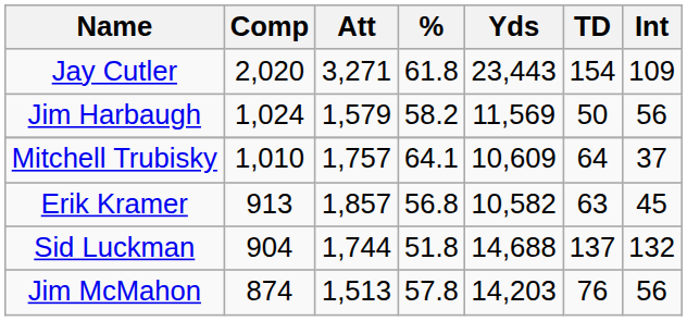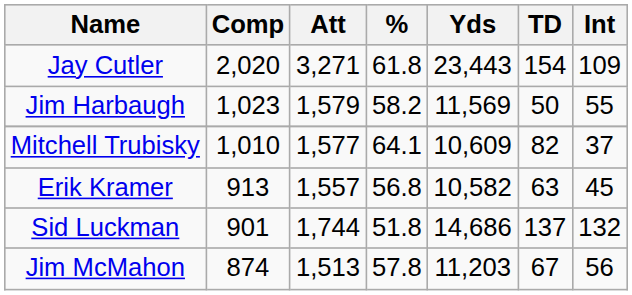 <table class="wikitable sortable" style="text-align:center">
 <tr>
 <th scope="col">Name</th>
 <th scope="col">Comp</th>
 <th>Att</th>
 <th>%</th>
 <th>Yds</th>
 <th>TD</th>
 <th>Int</th>
 </tr>
 <tr>
 <td><a href='#'>Jay Cutler</a></td>
 <td>2,020</td>
 <td>3,271</td>
 <td>61.8</td>
 <td>23,443</td>
 <td>154</td>
 <td>109</td>
 </tr>
 <tr>
 <td><a href='#'>Jim Harbaugh</a></td>
-<td>1,024</td>
+<td>1,023</td>
 <td>1,579</td>
 <td>58.2</td>
 <td>11,569</td>
 <td>50</td>
-<td>56</td>
+<td>55</td>
 </tr>
 <tr>
 </tr>
 <tr>
 <td><a href='#'>Mitchell Trubisky</a></td>
 <td>1,010</td>
-<td>1,757</td>
+<td>1,577</td>
 <td>64.1</td>
 <td>10,609</td>
-<td>64</td>
+<td>82</td>
 <td>37</td>
 </tr>
 <tr>
 <td><a href='#'>Erik Kramer</a></td>
 <td>913</td>
-<td>1,857</td>
+<td>1,557</td>
 <td>56.8</td>
 <td>10,582</td>
 <td>63</td>
 <td>45</td>
 </tr>
 <tr>
 <td><a href='#'>Sid Luckman</a></td>
-<td>904</td>
+<td>901</td>
 <td>1,744</td>
 <td>51.8</td>
-<td>14,688</td>
+<td>14,686</td>
 <td>137</td>
 <td>132</td>
 </tr>
 <tr>
 <td><a href='#'>Jim McMahon</a></td>
 <td>874</td>
 <td>1,513</td>
 <td>57.8</td>
-<td>14,203</td>
-<td>76</td>
+<td>11,203</td>
+<td>67</td>
 <td>56</td>
 </tr>
 </table>
